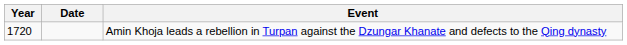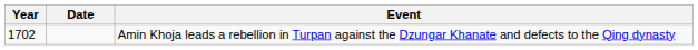 <table class="wikitable" width="100%">
 <tr>
 <th style="width:6%">Year</th>
 <th style="width:10%">Date</th>
 <th>Event</th>
 </tr>
 <tr>
-<td>1720</td>
+<td>1702</td>
 <td></td>
 <td>Amin Khoja leads a rebellion in <a href='#'>Turpan</a> against the <a href='#'>Dzungar Khanate</a> and defects to the <a href='#'>Qing dynasty</a></td>
 </tr>
 </table>
